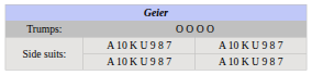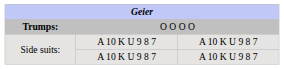 <table cellpadding="3" style="float: right; background: #C0C0C0; margin-left: 1em; border-spacing: 1px;">
 <tr align="center">
 <td style="background: #c0c8f8;" colspan="3" width="450"><strong><em>Geier</em></strong></td>
 </tr>
 <tr align="center">
-<td>Trumps:</td>
+<td><strong>Trumps:</strong></td>
 <td colspan="2">O O O O</td>
 </tr>
 <tr align="center">
 <td rowspan = "2" style="background: #e5e4e2;">Side suits:</td>
 <td style="background: #e5e4e2;">A 10 K U 9 8 7</td>
 <td style="background: #e5e4e2;">A 10 K U 9 8 7</td>
 </tr>
 <tr align="center">
 <td style="background: #e5e4e2;">A 10 K U 9 8 7</td>
 <td style="background: #e5e4e2;">A 10 K U 9 8 7</td>
 </tr>
 </table>
